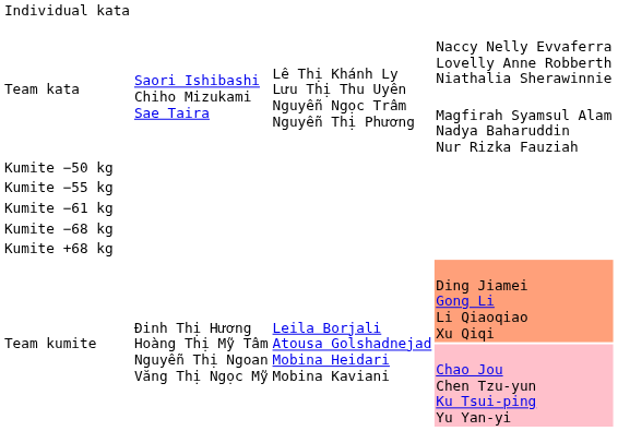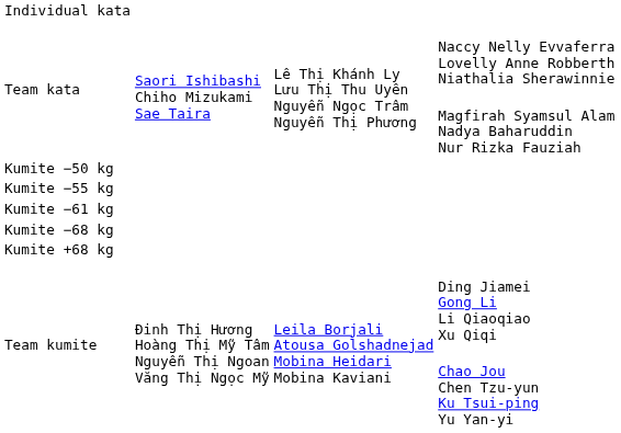 <table>
 <tr>
 <td rowspan=2>Individual kata</td>
 <td rowspan=2></td>
 <td rowspan=2></td>
 <td></td>
 </tr>
 <tr>
 <td></td>
 </tr>
 <tr>
 <td rowspan=2>Team kata</td>
 <td rowspan=2><br><a href='#'>Saori Ishibashi</a><br>Chiho Mizukami<br><a href='#'>Sae Taira</a></td>
 <td rowspan=2><br>Lê Thị Khánh Ly<br>Lưu Thị Thu Uyên<br>Nguyễn Ngọc Trâm<br>Nguyễn Thị Phương</td>
 <td><br>Naccy Nelly Evvaferra<br>Lovelly Anne Robberth<br>Niathalia Sherawinnie</td>
 </tr>
 <tr>
 <td><br>Magfirah Syamsul Alam<br>Nadya Baharuddin<br>Nur Rizka Fauziah</td>
 </tr>
 <tr>
 <td rowspan=2>Kumite −50 kg</td>
 <td rowspan=2></td>
 <td rowspan=2></td>
 <td></td>
 </tr>
 <tr>
 <td></td>
 </tr>
 <tr>
 <td rowspan=2>Kumite −55 kg</td>
 <td rowspan=2></td>
 <td rowspan=2></td>
 <td></td>
 </tr>
 <tr>
 <td></td>
 </tr>
 <tr>
 <td rowspan=2>Kumite −61 kg</td>
 <td rowspan=2></td>
 <td rowspan=2></td>
 <td></td>
 </tr>
 <tr>
 <td></td>
 </tr>
 <tr>
 <td rowspan=2>Kumite −68 kg</td>
 <td rowspan=2></td>
 <td rowspan=2></td>
 <td></td>
 </tr>
 <tr>
 <td></td>
 </tr>
 <tr>
 <td rowspan=2>Kumite +68 kg</td>
 <td rowspan=2></td>
 <td rowspan=2></td>
 <td></td>
 </tr>
 <tr>
 <td></td>
 </tr>
 <tr>
 <td rowspan=2>Team kumite</td>
 <td rowspan=2><br>Đinh Thị Hương<br>Hoàng Thị Mỹ Tâm<br>Nguyễn Thị Ngoan<br>Văng Thị Ngọc Mỹ</td>
 <td rowspan=2><br><a href='#'>Leila Borjali</a><br><a href='#'>Atousa Golshadnejad</a><br><a href='#'>Mobina Heidari</a><br>Mobina Kaviani</td>
-<td style="background: lightsalmon;"><br>Ding Jiamei<br><a href='#'>Gong Li</a><br>Li Qiaoqiao<br>Xu Qiqi</td>
+<td><br>Ding Jiamei<br><a href='#'>Gong Li</a><br>Li Qiaoqiao<br>Xu Qiqi</td>
 </tr>
 <tr>
-<td style="background: pink;"><br><a href='#'>Chao Jou</a><br>Chen Tzu-yun<br><a href='#'>Ku Tsui-ping</a><br>Yu Yan-yi</td>
+<td><br><a href='#'>Chao Jou</a><br>Chen Tzu-yun<br><a href='#'>Ku Tsui-ping</a><br>Yu Yan-yi</td>
 </tr>
 </table>
